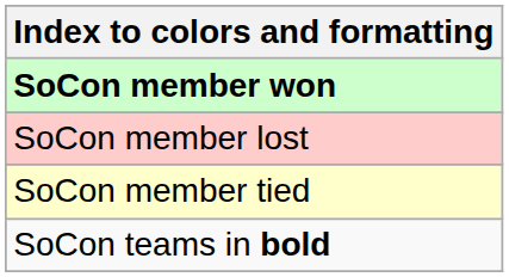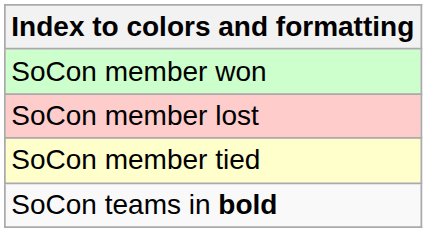 <table class="wikitable">
 <tr>
 <th>Index to colors and formatting</th>
 </tr>
 <tr style="background:#cfc;">
-<td><strong>SoCon member won</strong></td>
+<td>SoCon member won</td>
 </tr>
 <tr style="background:#fcc;">
 <td>SoCon member lost</td>
 </tr>
 <tr style="background:#ffc;">
 <td>SoCon member tied</td>
 </tr>
 <tr>
 <td>SoCon teams in <strong>bold</strong></td>
 </tr>
 </table>
